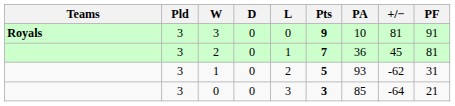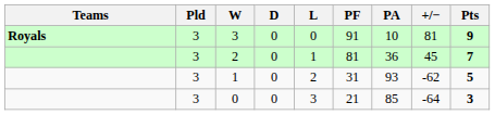 <table class="wikitable" style="text-align: center;">
 <tr>
 <th style="width:200px;">Teams</th>
 <th width="40">Pld</th>
 <th width="40">W</th>
 <th width="40">D</th>
 <th width="40">L</th>
-<th width="40">Pts</th>
+<th width="40">PF</th>
 <th width="40">PA</th>
 <th width="40">+/−</th>
-<th width="40">PF</th>
+<th width="40">Pts</th>
 </tr>
 <tr bgcolor=ccffcc>
 <td align="left"><strong> Royals</strong></td>
 <td>3</td>
 <td>3</td>
 <td>0</td>
 <td>0</td>
-<td><strong>9</strong></td>
+<td>91</td>
 <td>10</td>
 <td>81</td>
-<td>91</td>
+<td><strong>9</strong></td>
 </tr>
 <tr bgcolor=ccffcc>
 <td align="left"><strong></strong></td>
 <td>3</td>
 <td>2</td>
 <td>0</td>
 <td>1</td>
-<td><strong>7</strong></td>
+<td>81</td>
 <td>36</td>
 <td>45</td>
-<td>81</td>
+<td><strong>7</strong></td>
 </tr>
 <tr>
 <td align=left></td>
 <td>3</td>
 <td>1</td>
 <td>0</td>
 <td>2</td>
-<td><strong>5</strong></td>
+<td>31</td>
 <td>93</td>
 <td>-62</td>
-<td>31</td>
+<td><strong>5</strong></td>
 </tr>
 <tr>
 <td align="left"></td>
 <td>3</td>
 <td>0</td>
 <td>0</td>
 <td>3</td>
-<td><strong>3</strong></td>
+<td>21</td>
 <td>85</td>
 <td>-64</td>
-<td>21</td>
+<td><strong>3</strong></td>
 </tr>
 </table>
